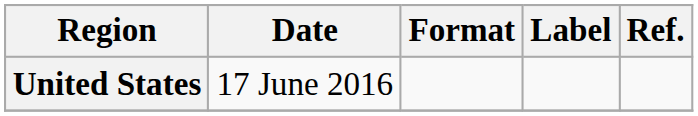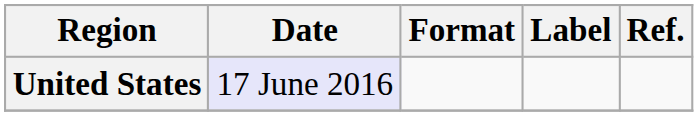 <table class="wikitable plainrowheaders">
 <tr>
 <th>Region</th>
 <th>Date</th>
 <th>Format</th>
 <th>Label</th>
 <th>Ref.</th>
 </tr>
 <tr>
 <th scope="row" rowspan="1">United States</th>
-<td rowspan="1">17 June 2016</td>
+<td rowspan="1" style="background: lavender;">17 June 2016</td>
 <td rowspan="1"></td>
 <td rowspan="1"></td>
 <td><br></td>
 </tr>
 <tr>
 </tr>
 </table>
